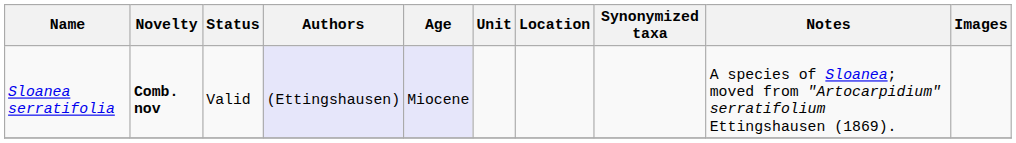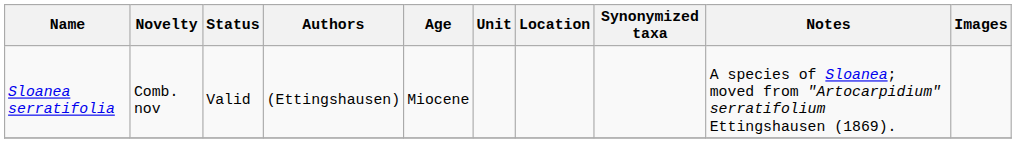 <table class="wikitable sortable" align="center" width="100%">
 <tr>
 <th>Name</th>
 <th>Novelty</th>
 <th>Status</th>
 <th>Authors</th>
 <th>Age</th>
 <th>Unit</th>
 <th>Location</th>
 <th>Synonymized taxa</th>
 <th>Notes</th>
 <th>Images</th>
 </tr>
 <tr>
 <td><br><em><a href='#'>Sloanea serratifolia</a></em></td>
-<td><strong><br>Comb. nov</strong></td>
+<td><br>Comb. nov</td>
 <td><br>Valid</td>
-<td style="background: lavender;"><br>(Ettingshausen)</td>
-<td style="background: lavender;"><br>Miocene</td>
+<td><br>(Ettingshausen)</td>
+<td><br>Miocene</td>
 <td></td>
 <td><br></td>
 <td></td>
 <td><br>A species of <em><a href='#'>Sloanea</a></em>; moved from <em>"Artocarpidium" serratifolium</em> Ettingshausen (1869).</td>
 <td></td>
 </tr>
 <tr>
 </tr>
 </table>
